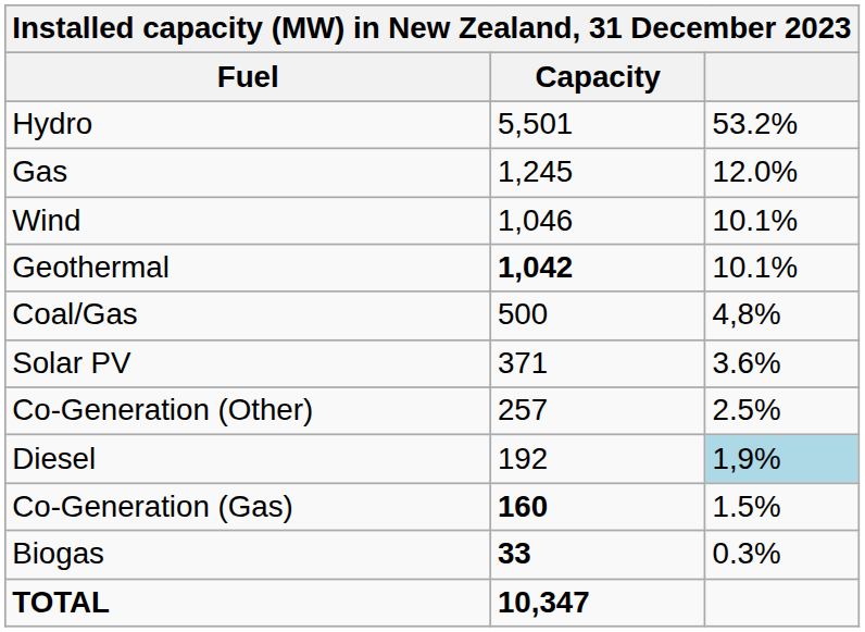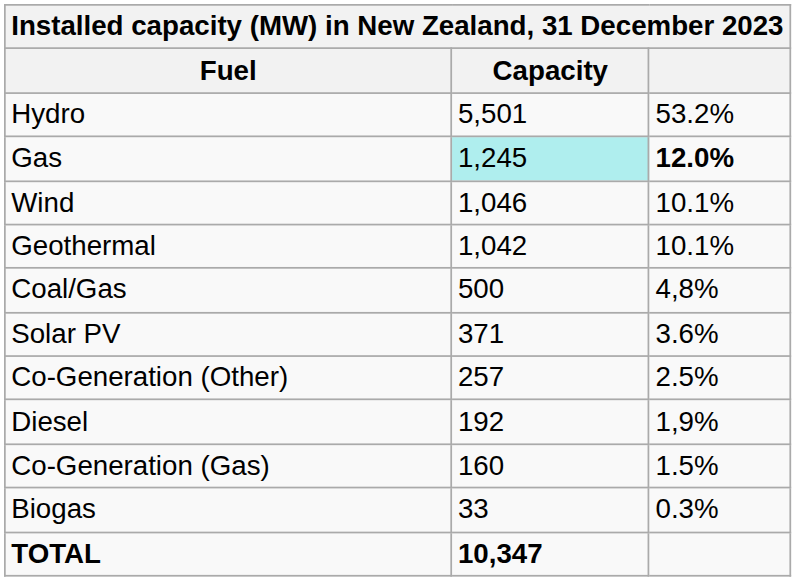 <table class="wikitable">
 <tr>
 <th colspan="3">Installed capacity (MW) in New Zealand, 31 December 2023 </th>
 </tr>
 <tr>
 <th>Fuel</th>
 <th>Capacity</th>
 <th></th>
 </tr>
 <tr>
 <td>Hydro</td>
 <td>5,501</td>
 <td>53.2%</td>
 </tr>
 <tr>
 <td>Gas</td>
-<td>1,245</td>
-<td>12.0%</td>
+<td style="background: paleturquoise;">1,245</td>
+<td><strong>12.0%</strong></td>
 </tr>
 <tr>
 <td>Wind</td>
 <td>1,046</td>
 <td>10.1%</td>
 </tr>
 <tr>
 <td>Geothermal</td>
-<td><strong>1,042</strong></td>
+<td>1,042</td>
 <td>10.1%</td>
 </tr>
 <tr>
 <td>Coal/Gas</td>
 <td>500</td>
 <td>4,8%</td>
 </tr>
 <tr>
 <td>Solar PV</td>
 <td>371</td>
 <td>3.6%</td>
 </tr>
 <tr>
 <td>Co-Generation (Other)</td>
 <td>257</td>
 <td>2.5%</td>
 </tr>
 <tr>
 <td>Diesel</td>
 <td>192</td>
-<td style="background: lightblue;">1,9%</td>
+<td>1,9%</td>
 </tr>
 <tr>
 <td>Co-Generation (Gas)</td>
-<td><strong>160</strong></td>
+<td>160</td>
 <td>1.5%</td>
 </tr>
 <tr>
 <td>Biogas</td>
-<td><strong>33</strong></td>
+<td>33</td>
 <td>0.3%</td>
 </tr>
 <tr>
 <td><strong>TOTAL</strong></td>
 <td><strong>10,347</strong></td>
 <td></td>
 </tr>
 </table>
